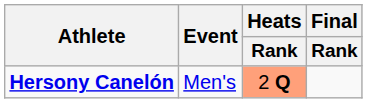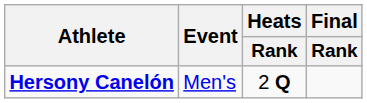 <table class=wikitable style="font-size:90%;">
 <tr>
 <th rowspan=2>Athlete</th>
 <th rowspan=2>Event</th>
 <th>Heats</th>
 <th>Final</th>
 </tr>
 <tr style="font-size:95%">
 <th>Rank</th>
 <th>Rank</th>
 </tr>
 <tr align=center>
 <td align=left><strong><a href='#'>Hersony Canelón</a></strong></td>
 <td align=left><a href='#'>Men's</a></td>
-<td style="background: lightsalmon;">2 <strong>Q</strong></td>
+<td>2 <strong>Q</strong></td>
 <td></td>
 </tr>
 </table>
